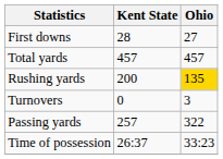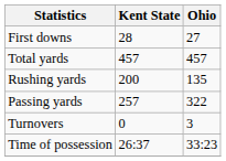 <table class="wikitable">
 <tr>
 <th>Statistics</th>
 <th>Kent State</th>
 <th>Ohio</th>
 </tr>
 <tr>
 <td>First downs</td>
 <td>28</td>
 <td>27</td>
 </tr>
 <tr>
 <td>Total yards</td>
 <td>457</td>
 <td>457</td>
 </tr>
 <tr>
 <td>Rushing yards</td>
 <td>200</td>
-<td style="background: gold;">135</td>
+<td>135</td>
+</tr>
+<tr>
+<td>Passing yards</td>
+<td>257</td>
+<td>322</td>
 </tr>
 <tr>
 <td>Turnovers</td>
 <td>0</td>
 <td>3</td>
-</tr>
-<tr>
-<td>Passing yards</td>
-<td>257</td>
-<td>322</td>
 </tr>
 <tr>
 <td>Time of possession</td>
 <td>26:37</td>
 <td>33:23</td>
 </tr>
 <tr>
 </tr>
 </table>
